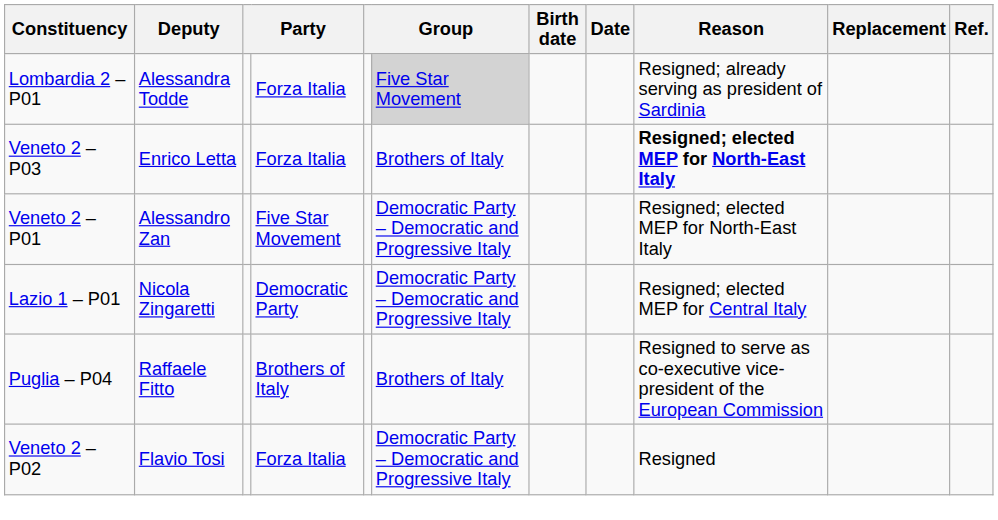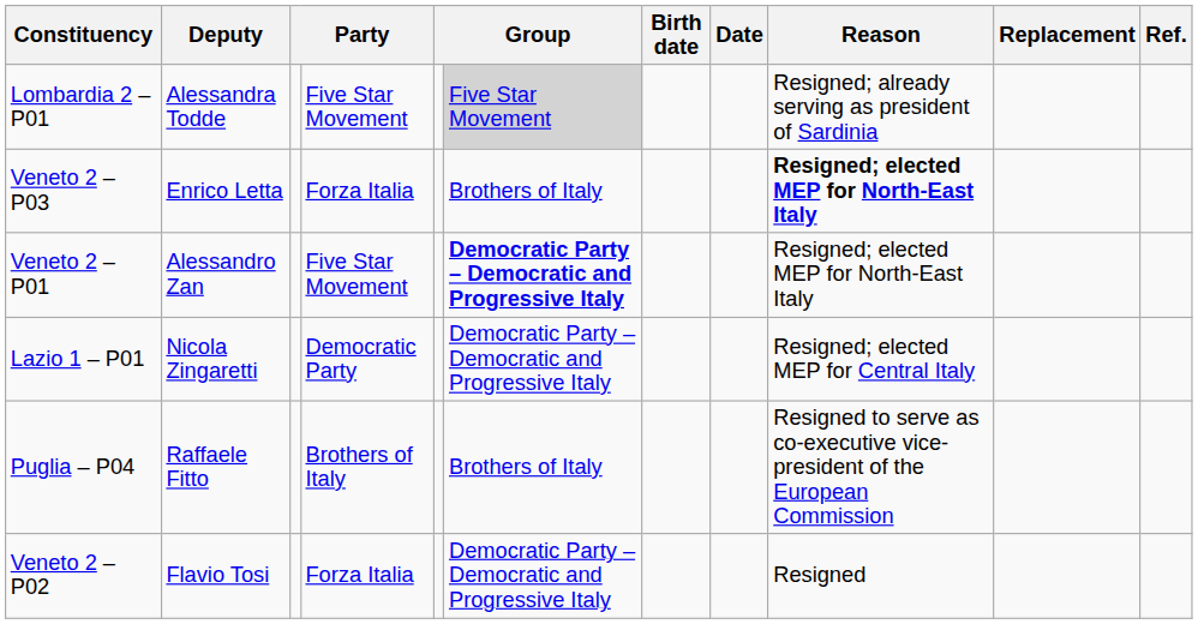 <table class="wikitable sortable" style="text-align:left">
 <tr>
 <th>Constituency</th>
 <th>Deputy</th>
 <th colspan="2">Party</th>
 <th colspan="2">Group</th>
 <th>Birth date</th>
 <th>Date</th>
 <th>Reason</th>
 <th>Replacement</th>
 <th>Ref.</th>
 </tr>
 <tr>
 <td><a href='#'>Lombardia 2</a> – P01</td>
 <td><a href='#'>Alessandra Todde</a></td>
 <td style="background: "></td>
-<td><a href='#'>Forza Italia</a></td>
+<td><a href='#'>Five Star Movement</a></td>
 <td style="background: "></td>
 <td style="background: lightgrey;"><a href='#'>Five Star Movement</a></td>
 <td></td>
 <td></td>
 <td>Resigned; already serving as president of <a href='#'>Sardinia</a></td>
 <td></td>
 <td></td>
 </tr>
 <tr>
 <td><a href='#'>Veneto 2</a> – P03</td>
 <td><a href='#'>Enrico Letta</a></td>
 <td style="background: "></td>
 <td><a href='#'>Forza Italia</a></td>
 <td style="background: "></td>
 <td><a href='#'>Brothers of Italy</a></td>
 <td></td>
 <td></td>
 <td><strong>Resigned; elected <a href='#'>MEP</a> for <a href='#'>North-East Italy</a></strong></td>
 <td></td>
 <td></td>
 </tr>
 <tr>
 <td><a href='#'>Veneto 2</a> – P01</td>
 <td><a href='#'>Alessandro Zan</a></td>
 <td style="background: "></td>
 <td><a href='#'>Five Star Movement</a></td>
 <td style="background: "></td>
-<td><a href='#'>Democratic Party – Democratic and Progressive Italy</a></td>
+<td><strong><a href='#'>Democratic Party – Democratic and Progressive Italy</a></strong></td>
 <td></td>
 <td></td>
 <td>Resigned; elected MEP for North-East Italy</td>
 <td></td>
 <td></td>
 </tr>
 <tr>
 <td><a href='#'>Lazio 1</a> – P01</td>
 <td><a href='#'>Nicola Zingaretti</a></td>
 <td style="background: "></td>
 <td><a href='#'>Democratic Party</a></td>
 <td style="background: "></td>
 <td><a href='#'>Democratic Party – Democratic and Progressive Italy</a></td>
 <td></td>
 <td></td>
 <td>Resigned; elected MEP for <a href='#'>Central Italy</a></td>
 <td></td>
 <td></td>
 </tr>
 <tr>
 <td><a href='#'>Puglia</a> – P04</td>
 <td><a href='#'>Raffaele Fitto</a></td>
 <td style="background: "></td>
 <td><a href='#'>Brothers of Italy</a></td>
 <td style="background: "></td>
 <td><a href='#'>Brothers of Italy</a></td>
 <td></td>
 <td></td>
 <td>Resigned to serve as co-executive vice-president of the <a href='#'>European Commission</a></td>
 <td></td>
 <td></td>
 </tr>
 <tr>
 <td><a href='#'>Veneto 2</a> – P02</td>
 <td><a href='#'>Flavio Tosi</a></td>
 <td style="background: "></td>
 <td><a href='#'>Forza Italia</a></td>
 <td style="background: "></td>
 <td><a href='#'>Democratic Party – Democratic and Progressive Italy</a></td>
 <td></td>
 <td></td>
 <td>Resigned</td>
 <td></td>
 <td></td>
 </tr>
 </table>
